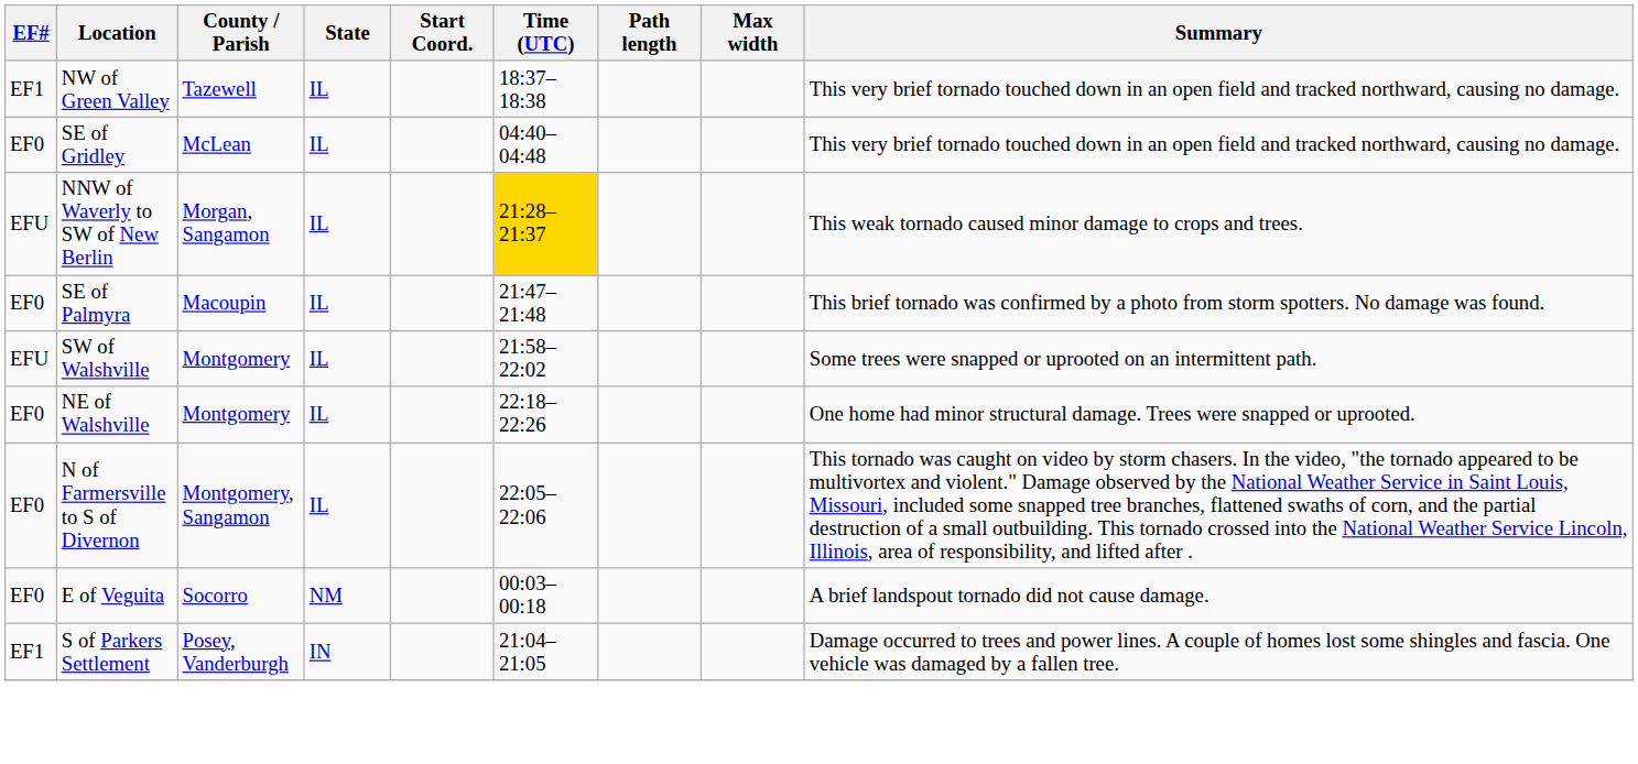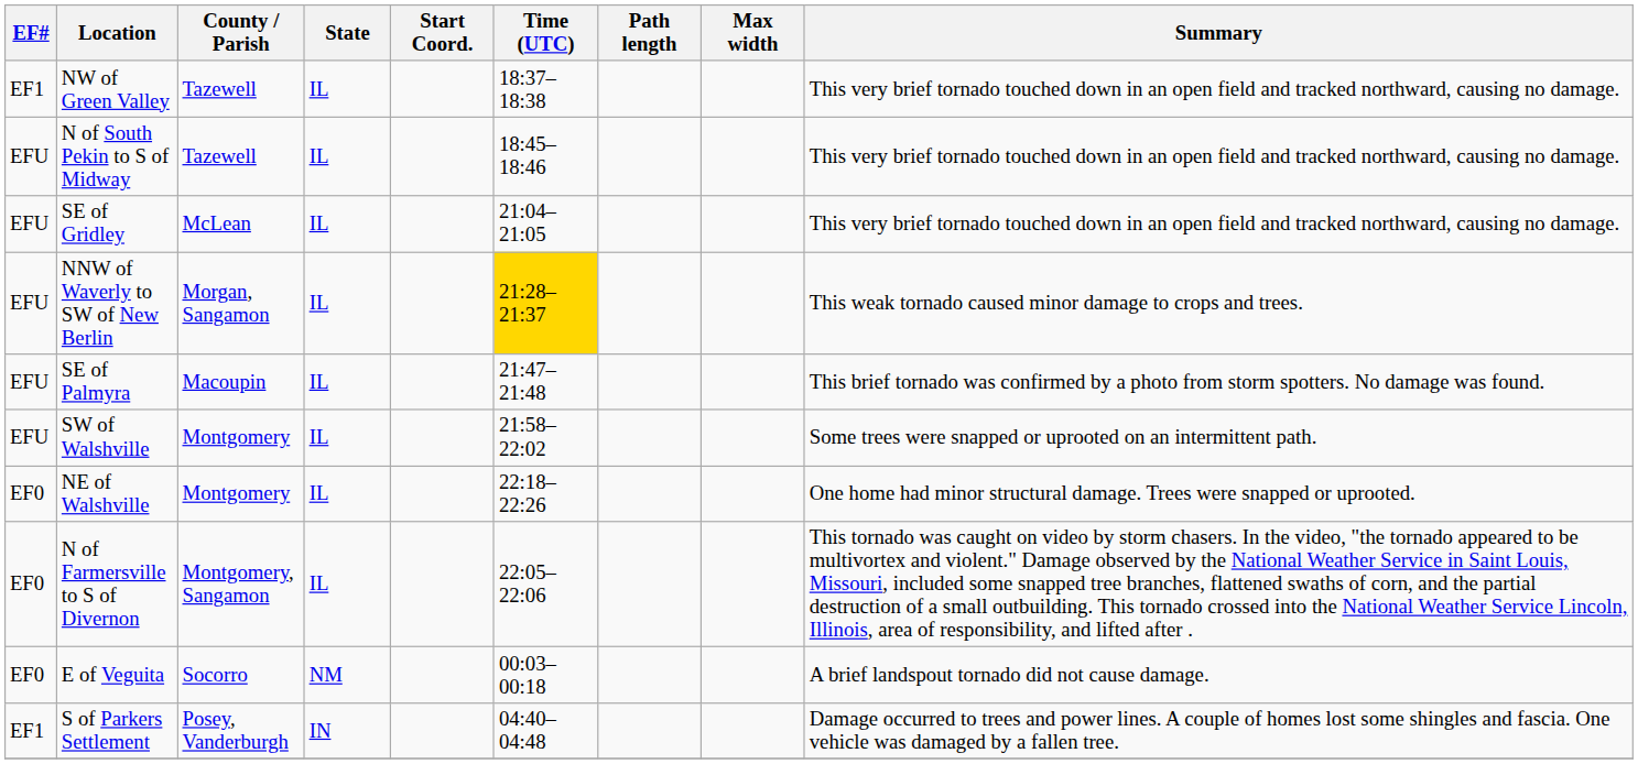 <table class="wikitable sortable" style="width:100%;">
 <tr>
 <th scope="col"  style="width:3%; text-align:center;"><a href='#'>EF#</a></th>
 <th scope="col"  style="width:7%; text-align:center;" class="unsortable">Location</th>
 <th scope="col"  style="width:6%; text-align:center;" class="unsortable">County / Parish</th>
 <th scope="col"  style="width:5%; text-align:center;">State</th>
 <th scope="col"  style="width:6%; text-align:center;">Start Coord.</th>
 <th scope="col"  style="width:6%; text-align:center;">Time (<a href='#'>UTC</a>)</th>
 <th scope="col"  style="width:6%; text-align:center;">Path length</th>
 <th scope="col"  style="width:6%; text-align:center;">Max width</th>
 <th scope="col" class="unsortable" style="width:48%; text-align:center;">Summary</th>
 </tr>
 <tr>
 <td>EF1</td>
 <td>NW of <a href='#'>Green Valley</a></td>
 <td><a href='#'>Tazewell</a></td>
 <td><a href='#'>IL</a></td>
 <td></td>
 <td>18:37–18:38</td>
 <td></td>
 <td></td>
 <td>This very brief tornado touched down in an open field and tracked northward, causing no damage.</td>
 </tr>
 <tr>
-<td>EF0</td>
+<td>EFU</td>
+<td>N of <a href='#'>South Pekin</a> to S of <a href='#'>Midway</a></td>
+<td><a href='#'>Tazewell</a></td>
+<td><a href='#'>IL</a></td>
+<td></td>
+<td>18:45–18:46</td>
+<td></td>
+<td></td>
+<td>This very brief tornado touched down in an open field and tracked northward, causing no damage.</td>
+</tr>
+<tr>
+<td>EFU</td>
 <td>SE of <a href='#'>Gridley</a></td>
 <td><a href='#'>McLean</a></td>
 <td><a href='#'>IL</a></td>
 <td></td>
-<td>04:40–04:48</td>
+<td>21:04–21:05</td>
 <td></td>
 <td></td>
 <td>This very brief tornado touched down in an open field and tracked northward, causing no damage.</td>
 </tr>
 <tr>
 <td>EFU</td>
 <td>NNW of <a href='#'>Waverly</a> to SW of <a href='#'>New Berlin</a></td>
 <td><a href='#'>Morgan</a>, <a href='#'>Sangamon</a></td>
 <td><a href='#'>IL</a></td>
 <td></td>
 <td style="background: gold;">21:28–21:37</td>
 <td></td>
 <td></td>
 <td>This weak tornado caused minor damage to crops and trees.</td>
 </tr>
 <tr>
-<td>EF0</td>
+<td>EFU</td>
 <td>SE of <a href='#'>Palmyra</a></td>
 <td><a href='#'>Macoupin</a></td>
 <td><a href='#'>IL</a></td>
 <td></td>
 <td>21:47–21:48</td>
 <td></td>
 <td></td>
 <td>This brief tornado was confirmed by a photo from storm spotters. No damage was found.</td>
 </tr>
 <tr>
 <td>EFU</td>
 <td>SW of <a href='#'>Walshville</a></td>
 <td><a href='#'>Montgomery</a></td>
 <td><a href='#'>IL</a></td>
 <td></td>
 <td>21:58–22:02</td>
 <td></td>
 <td></td>
 <td>Some trees were snapped or uprooted on an intermittent path.</td>
 </tr>
 <tr>
 <td>EF0</td>
 <td>NE of <a href='#'>Walshville</a></td>
 <td><a href='#'>Montgomery</a></td>
 <td><a href='#'>IL</a></td>
 <td></td>
 <td>22:18–22:26</td>
 <td></td>
 <td></td>
 <td>One home had minor structural damage. Trees were snapped or uprooted.</td>
 </tr>
 <tr>
 <td>EF0</td>
 <td>N of <a href='#'>Farmersville</a> to S of <a href='#'>Divernon</a></td>
 <td><a href='#'>Montgomery</a>, <a href='#'>Sangamon</a></td>
 <td><a href='#'>IL</a></td>
 <td></td>
 <td>22:05–22:06</td>
 <td></td>
 <td></td>
 <td>This tornado was caught on video by storm chasers. In the video, "the tornado appeared to be multivortex and violent." Damage observed by the <a href='#'>National Weather Service in Saint Louis, Missouri</a>, included some snapped tree branches, flattened swaths of corn, and the partial destruction of a small outbuilding. This tornado crossed into the <a href='#'>National Weather Service Lincoln, Illinois</a>, area of responsibility, and lifted after .</td>
 </tr>
 <tr>
 <td>EF0</td>
 <td>E of <a href='#'>Veguita</a></td>
 <td><a href='#'>Socorro</a></td>
 <td><a href='#'>NM</a></td>
 <td></td>
 <td>00:03–00:18</td>
 <td></td>
 <td></td>
 <td>A brief landspout tornado did not cause damage.</td>
 </tr>
 <tr>
 <td>EF1</td>
 <td>S of <a href='#'>Parkers Settlement</a></td>
 <td><a href='#'>Posey</a>, <a href='#'>Vanderburgh</a></td>
 <td><a href='#'>IN</a></td>
 <td></td>
-<td>21:04–21:05</td>
+<td>04:40–04:48</td>
 <td></td>
 <td></td>
 <td>Damage occurred to trees and power lines. A couple of homes lost some shingles and fascia. One vehicle was damaged by a fallen tree.</td>
 </tr>
 <tr>
 </tr>
 </table>
